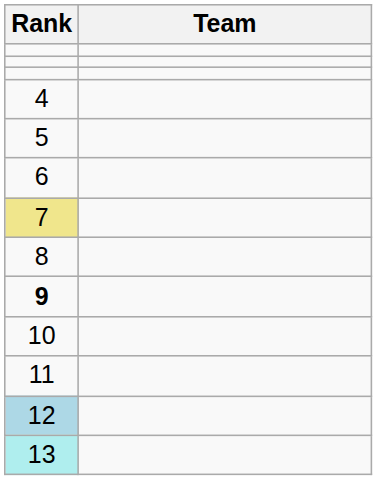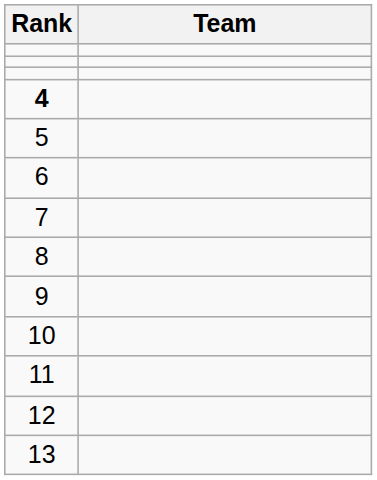 <table class=wikitable style="text-align:center;">
 <tr>
 <th width=40>Rank</th>
 <th width=180>Team</th>
 </tr>
 <tr>
 <td></td>
 <td align=left></td>
 </tr>
 <tr>
 <td></td>
 <td align=left></td>
 </tr>
 <tr>
 <td></td>
 <td align=left></td>
 </tr>
 <tr>
-<td>4</td>
+<td><strong>4</strong></td>
 <td align=left></td>
 </tr>
 <tr>
 <td>5</td>
 <td align=left></td>
 </tr>
 <tr>
 <td>6</td>
 <td align=left></td>
 </tr>
 <tr>
-<td style="background: khaki;">7</td>
+<td>7</td>
 <td align=left></td>
 </tr>
 <tr>
 <td>8</td>
 <td align=left></td>
 </tr>
 <tr>
-<td><strong>9</strong></td>
+<td>9</td>
 <td align=left></td>
 </tr>
 <tr>
 <td>10</td>
 <td align=left></td>
 </tr>
 <tr>
 <td>11</td>
 <td align=left></td>
 </tr>
 <tr>
-<td style="background: lightblue;">12</td>
+<td>12</td>
 <td align=left></td>
 </tr>
 <tr>
-<td style="background: paleturquoise;">13</td>
+<td>13</td>
 <td align=left></td>
 </tr>
 </table>
